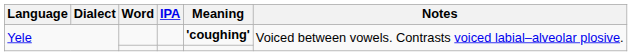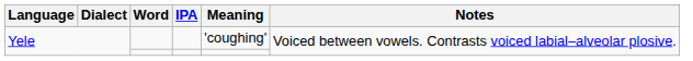 <table class="wikitable">
 <tr>
 <th>Language</th>
 <th>Dialect</th>
 <th>Word</th>
 <th><a href='#'>IPA</a></th>
 <th>Meaning</th>
 <th>Notes</th>
 </tr>
 <tr>
 <td rowspan="2" colspan="2"><a href='#'>Yele</a></td>
 <td></td>
 <td></td>
-<td><strong>'coughing'</strong></td>
+<td>'coughing'</td>
 <td rowspan="2">Voiced between vowels. Contrasts <a href='#'>voiced labial–alveolar plosive</a>.</td>
 </tr>
 <tr>
 <td></td>
 <td></td>
 <td><em></td>
 </tr>
 </table>
